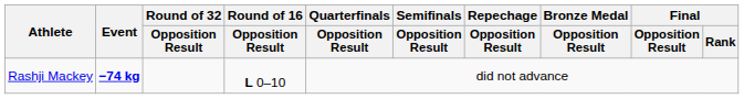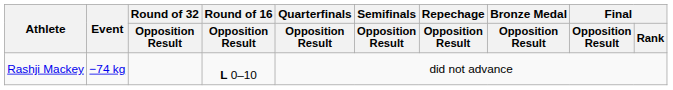 <table class="wikitable" style="font-size:90%">
 <tr>
 <th rowspan=2>Athlete</th>
 <th rowspan=2>Event</th>
 <th>Round of 32</th>
 <th>Round of 16</th>
 <th>Quarterfinals</th>
 <th>Semifinals</th>
 <th>Repechage</th>
 <th>Bronze Medal</th>
 <th colspan=2>Final</th>
 </tr>
 <tr style="font-size:95%">
 <th>Opposition<br>Result</th>
 <th>Opposition<br>Result</th>
 <th>Opposition<br>Result</th>
 <th>Opposition<br>Result</th>
 <th>Opposition<br>Result</th>
 <th>Opposition<br>Result</th>
 <th>Opposition<br>Result</th>
 <th>Rank</th>
 </tr>
 <tr align=center>
 <td align=left><a href='#'>Rashji Mackey</a></td>
-<td align=left><strong><a href='#'>−74 kg</a></strong></td>
+<td align=left><a href='#'>−74 kg</a></td>
 <td></td>
 <td><br><strong>L</strong> 0–10</td>
 <td colspan=6>did not advance</td>
 </tr>
 </table>
